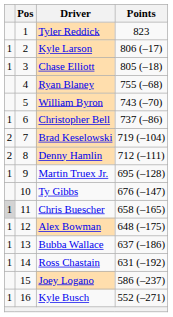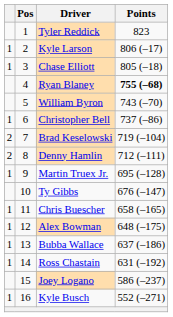 <table class="wikitable" style="font-size: 95%;">
 <tr>
 <th></th>
 <th>Pos</th>
 <th>Driver</th>
 <th>Points</th>
 </tr>
 <tr>
 <td align="left"></td>
 <td style="text-align:center;">1</td>
 <td style="background:#FFDEAD;"><a href='#'>Tyler Reddick</a></td>
 <td style="text-align:center;">823</td>
 </tr>
 <tr>
 <td align="left"> 1</td>
 <td style="text-align:center;">2</td>
 <td style="background:#FFDEAD;"><a href='#'>Kyle Larson</a></td>
 <td style="text-align:center;">806 (–17)</td>
 </tr>
 <tr>
 <td align="left"> 1</td>
 <td style="text-align:center;">3</td>
 <td style="background:#FFDEAD;"><a href='#'>Chase Elliott</a></td>
 <td style="text-align:center;">805 (–18)</td>
 </tr>
 <tr>
 <td align="left"></td>
 <td style="text-align:center;">4</td>
 <td style="background:#FFDEAD;"><a href='#'>Ryan Blaney</a></td>
-<td style="text-align:center;">755 (–68)</td>
+<td style="text-align:center;"><strong>755 (–68)</strong></td>
 </tr>
 <tr>
 <td align="left"></td>
 <td style="text-align:center;">5</td>
 <td style="background:#FFDEAD;"><a href='#'>William Byron</a></td>
 <td style="text-align:center;">743 (–70)</td>
 </tr>
 <tr>
 <td align="left"> 1</td>
 <td style="text-align:center;">6</td>
 <td style="background:#FFDEAD;"><a href='#'>Christopher Bell</a></td>
 <td style="text-align:center;">737 (–86)</td>
 </tr>
 <tr>
 <td align="left"> 2</td>
 <td style="text-align:center;">7</td>
 <td style="background:#FFDEAD;"><a href='#'>Brad Keselowski</a></td>
 <td style="text-align:center;">719 (–104)</td>
 </tr>
 <tr>
 <td align="left"> 2</td>
 <td style="text-align:center;">8</td>
 <td style="background:#FFDEAD;"><a href='#'>Denny Hamlin</a></td>
 <td style="text-align:center;">712 (–111)</td>
 </tr>
 <tr>
 <td align="left"> 1</td>
 <td style="text-align:center;">9</td>
 <td><a href='#'>Martin Truex Jr.</a></td>
 <td style="text-align:center;">695 (–128)</td>
 </tr>
 <tr>
 <td align="left"></td>
 <td style="text-align:center;">10</td>
 <td><a href='#'>Ty Gibbs</a></td>
 <td style="text-align:center;">676 (–147)</td>
 </tr>
 <tr>
-<td align="left" style="background: lightgrey;"> 1</td>
+<td align="left"> 1</td>
 <td style="text-align:center;">11</td>
 <td><a href='#'>Chris Buescher</a></td>
 <td style="text-align:center;">658 (–165)</td>
 </tr>
 <tr>
 <td align="left"> 1</td>
 <td style="text-align:center;">12</td>
 <td style="background:#FFDEAD;"><a href='#'>Alex Bowman</a></td>
 <td style="text-align:center;">648 (–175)</td>
 </tr>
 <tr>
 <td align="left"> 1</td>
 <td style="text-align:center;">13</td>
 <td><a href='#'>Bubba Wallace</a></td>
 <td style="text-align:center;">637 (–186)</td>
 </tr>
 <tr>
 <td align="left"> 1</td>
 <td style="text-align:center;">14</td>
 <td><a href='#'>Ross Chastain</a></td>
 <td style="text-align:center;">631 (–192)</td>
 </tr>
 <tr>
 <td align="left"></td>
 <td style="text-align:center;">15</td>
 <td style="background:#FFDEAD;"><a href='#'>Joey Logano</a></td>
 <td style="text-align:center;">586 (–237)</td>
 </tr>
 <tr>
 <td align="left"> 1</td>
 <td style="text-align:center;">16</td>
 <td><a href='#'>Kyle Busch</a></td>
 <td style="text-align:center;">552 (–271)</td>
 </tr>
 <tr class="sortbottom">
 <th colspan="9"></th>
 </tr>
 </table>
